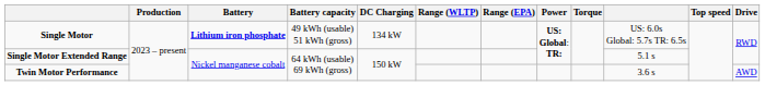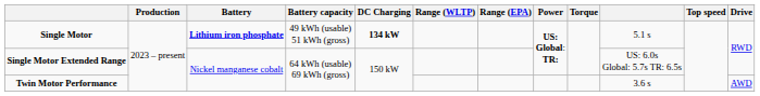 <table class="wikitable" style="font-size:75%;text-align:center;">
 <tr>
 <th></th>
 <th>Production</th>
 <th>Battery</th>
 <th>Battery capacity</th>
 <th>DC Charging</th>
 <th>Range (<a href='#'>WLTP</a>)</th>
 <th>Range (<a href='#'>EPA</a>)</th>
 <th>Power</th>
 <th>Torque</th>
 <th></th>
 <th>Top speed</th>
 <th>Drive</th>
 </tr>
 <tr>
 <td><strong>Single Motor</strong></td>
 <td rowspan=3>2023 – present</td>
 <td><strong><a href='#'>Lithium iron phosphate</a></strong></td>
 <td>49 kWh (usable)<br>51 kWh (gross)</td>
-<td>134 kW</td>
+<td><strong>134 kW</strong></td>
 <td></td>
 <td></td>
 <td rowspan=2><strong>US:</strong>  <br><strong>Global</strong>: <br><strong>TR:</strong>  </td>
 <td rowspan=2></td>
-<td>US: 6.0s<br>Global: 5.7s TR: 6.5s</td>
+<td>5.1 s</td>
 <td rowspan=3></td>
 <td rowspan=2><a href='#'>RWD</a></td>
 </tr>
 <tr>
 <td><strong>Single Motor Extended Range</strong></td>
 <td rowspan=2><a href='#'>Nickel manganese cobalt</a></td>
 <td rowspan=2>64 kWh (usable)<br>69 kWh (gross)</td>
 <td rowspan="2">150 kW</td>
 <td></td>
 <td></td>
-<td>5.1 s</td>
+<td>US: 6.0s<br>Global: 5.7s TR: 6.5s</td>
 </tr>
 <tr>
 <td><strong>Twin Motor Performance</strong></td>
 <td></td>
 <td></td>
 <td></td>
 <td></td>
 <td>3.6 s</td>
 <td><a href='#'>AWD</a></td>
 </tr>
 </table>
